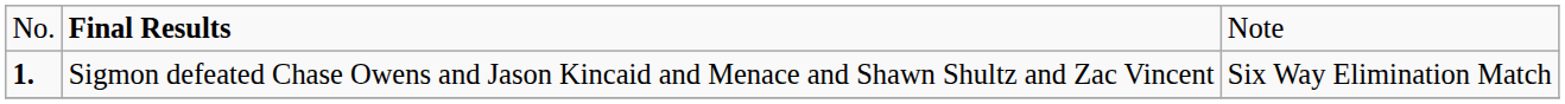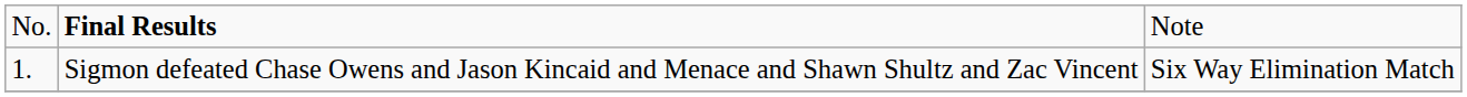 <table class="wikitable">
 <tr>
 <td>No.</td>
 <td><strong>Final Results</strong></td>
 <td>Note</td>
 </tr>
 <tr>
-<td><strong>1.</strong></td>
+<td>1.</td>
 <td>Sigmon defeated Chase Owens and Jason Kincaid and Menace and Shawn Shultz and Zac Vincent</td>
 <td>Six Way Elimination Match</td>
 </tr>
 <tr>
 </tr>
 </table>
